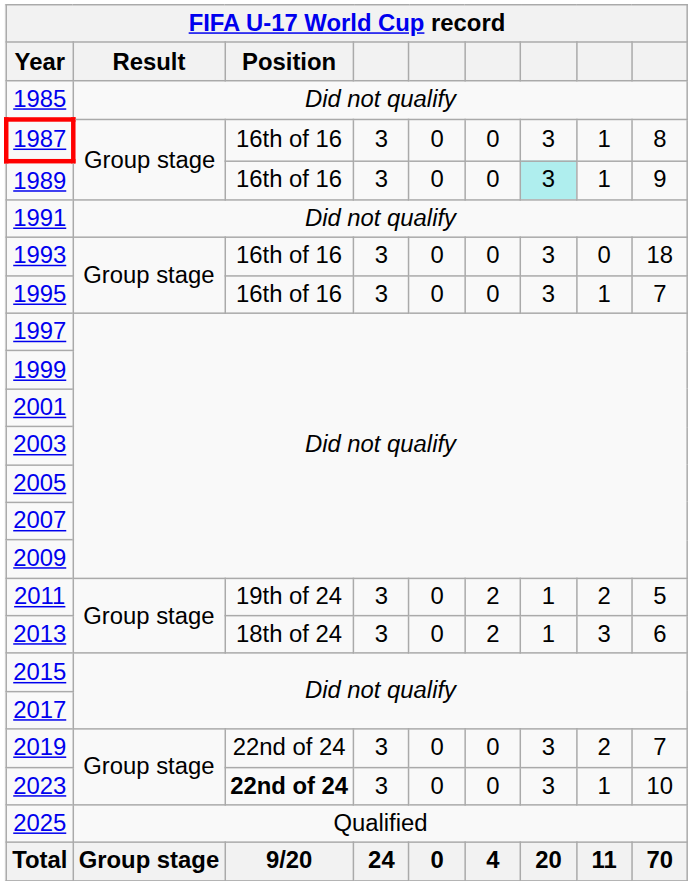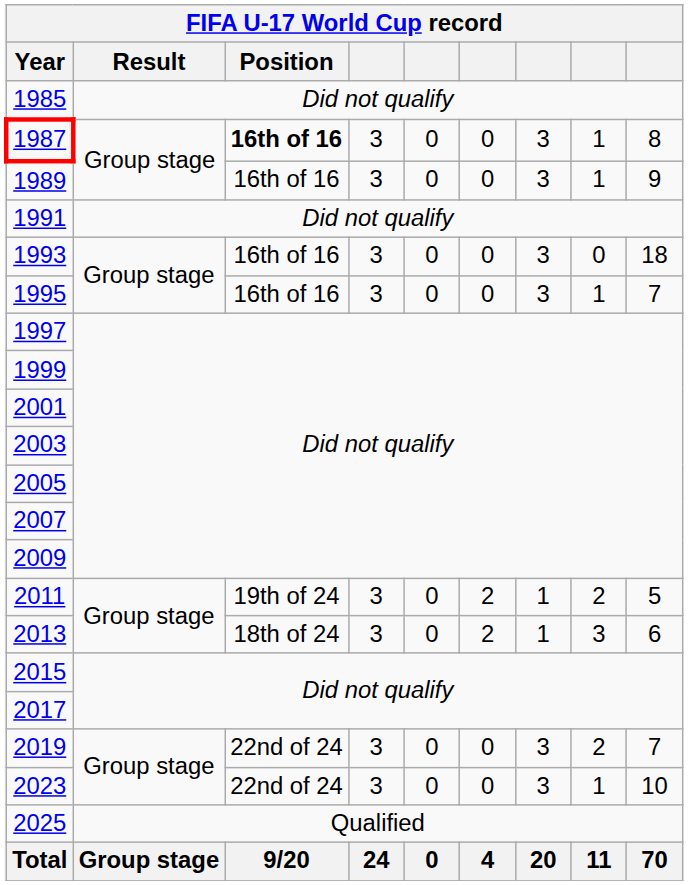 <table class="wikitable" style="text-align: center;">
 <tr>
 <th colspan=10><a href='#'>FIFA U-17 World Cup</a> record</th>
 </tr>
 <tr>
 <th>Year</th>
 <th>Result</th>
 <th>Position</th>
 <th style="width:30px;"></th>
 <th style="width:30px;"></th>
 <th style="width:30px;"></th>
 <th style="width:30px;"></th>
 <th style="width:30px;"></th>
 <th style="width:30px;"></th>
 </tr>
 <tr>
 <td> <a href='#'>1985</a></td>
 <td colspan="9"><em>Did not qualify</em></td>
 </tr>
 <tr>
 <td style="border: 3px solid red"> <a href='#'>1987</a></td>
 <td rowspan=2>Group stage</td>
-<td>16th of 16</td>
+<td><strong>16th of 16</strong></td>
 <td>3</td>
 <td>0</td>
 <td>0</td>
 <td>3</td>
 <td>1</td>
 <td>8</td>
 </tr>
 <tr>
 <td> <a href='#'>1989</a></td>
 <td>16th of 16</td>
 <td>3</td>
 <td>0</td>
 <td>0</td>
-<td style="background: paleturquoise;">3</td>
+<td>3</td>
 <td>1</td>
 <td>9</td>
 </tr>
 <tr>
 <td> <a href='#'>1991</a></td>
 <td colspan="9"><em>Did not qualify</em></td>
 </tr>
 <tr>
 <td> <a href='#'>1993</a></td>
 <td rowspan=2>Group stage</td>
 <td>16th of 16</td>
 <td>3</td>
 <td>0</td>
 <td>0</td>
 <td>3</td>
 <td>0</td>
 <td>18</td>
 </tr>
 <tr>
 <td> <a href='#'>1995</a></td>
 <td>16th of 16</td>
 <td>3</td>
 <td>0</td>
 <td>0</td>
 <td>3</td>
 <td>1</td>
 <td>7</td>
 </tr>
 <tr>
 <td> <a href='#'>1997</a></td>
 <td colspan="9" rowspan="7"><em>Did not qualify</em></td>
 </tr>
 <tr>
 <td> <a href='#'>1999</a></td>
 </tr>
 <tr>
 <td> <a href='#'>2001</a></td>
 </tr>
 <tr>
 <td> <a href='#'>2003</a></td>
 </tr>
 <tr>
 <td> <a href='#'>2005</a></td>
 </tr>
 <tr>
 <td> <a href='#'>2007</a></td>
 </tr>
 <tr>
 <td> <a href='#'>2009</a></td>
 </tr>
 <tr>
 <td> <a href='#'>2011</a></td>
 <td rowspan=2>Group stage</td>
 <td>19th of 24</td>
 <td>3</td>
 <td>0</td>
 <td>2</td>
 <td>1</td>
 <td>2</td>
 <td>5</td>
 </tr>
 <tr>
 <td> <a href='#'>2013</a></td>
 <td>18th of 24</td>
 <td>3</td>
 <td>0</td>
 <td>2</td>
 <td>1</td>
 <td>3</td>
 <td>6</td>
 </tr>
 <tr>
 <td> <a href='#'>2015</a></td>
 <td colspan="9" rowspan="2"><em>Did not qualify</em></td>
 </tr>
 <tr>
 <td> <a href='#'>2017</a></td>
 </tr>
 <tr>
 <td> <a href='#'>2019</a></td>
 <td rowspan=2>Group stage</td>
 <td>22nd of 24</td>
 <td>3</td>
 <td>0</td>
 <td>0</td>
 <td>3</td>
 <td>2</td>
 <td>7</td>
 </tr>
 <tr>
 <td> <a href='#'>2023</a></td>
-<td><strong>22nd of 24</strong></td>
+<td>22nd of 24</td>
 <td>3</td>
 <td>0</td>
 <td>0</td>
 <td>3</td>
 <td>1</td>
 <td>10</td>
 </tr>
 <tr>
 <td> <a href='#'>2025</a></td>
 <td colspan="9">Qualified</td>
 </tr>
 <tr>
 <th><strong>Total</strong></th>
 <th><strong>Group stage</strong></th>
 <th><strong>9/20</strong></th>
 <th><strong>24</strong></th>
 <th><strong>0</strong></th>
 <th><strong>4</strong></th>
 <th><strong>20</strong></th>
 <th><strong>11</strong></th>
 <th><strong>70</strong></th>
 </tr>
 </table>
